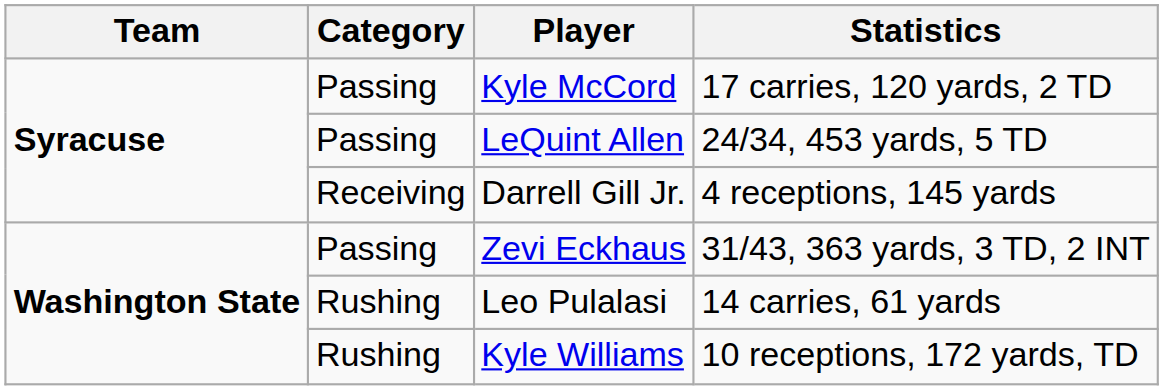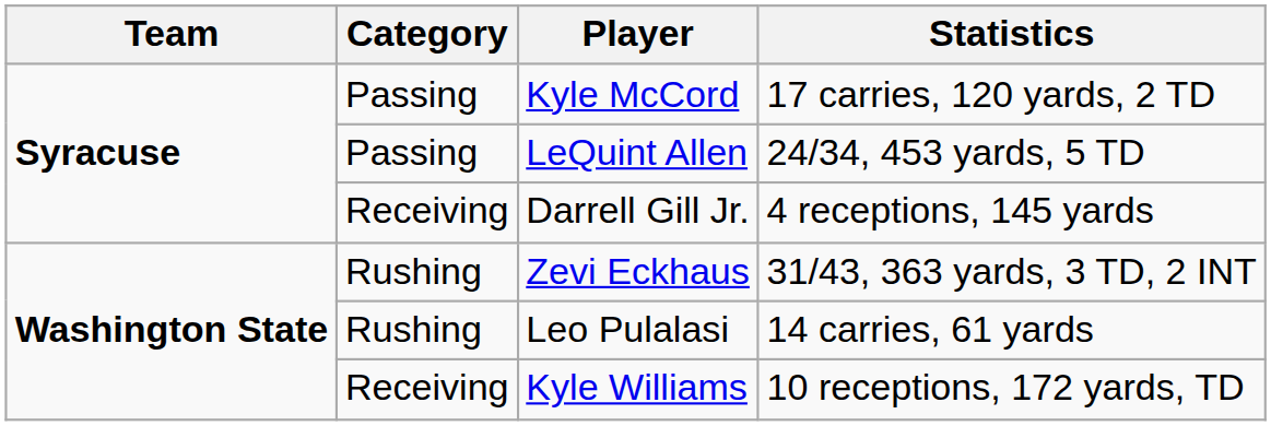 <table class="wikitable" style="float: right;">
 <tr>
 <th>Team</th>
 <th>Category</th>
 <th>Player</th>
 <th>Statistics</th>
 </tr>
 <tr>
 <td rowspan=3><strong>Syracuse</strong></td>
 <td>Passing</td>
 <td><a href='#'>Kyle McCord</a></td>
 <td>17 carries, 120 yards, 2 TD</td>
 </tr>
 <tr>
 <td>Passing</td>
 <td><a href='#'>LeQuint Allen</a></td>
 <td>24/34, 453 yards, 5 TD</td>
 </tr>
 <tr>
 <td>Receiving</td>
 <td>Darrell Gill Jr.</td>
 <td>4 receptions, 145 yards</td>
 </tr>
 <tr>
 <td rowspan=3><strong>Washington State</strong></td>
-<td>Passing</td>
+<td>Rushing</td>
 <td><a href='#'>Zevi Eckhaus</a></td>
 <td>31/43, 363 yards, 3 TD, 2 INT</td>
 </tr>
 <tr>
 <td>Rushing</td>
 <td>Leo Pulalasi</td>
 <td>14 carries, 61 yards</td>
 </tr>
 <tr>
-<td>Rushing</td>
+<td>Receiving</td>
 <td><a href='#'>Kyle Williams</a></td>
 <td>10 receptions, 172 yards, TD</td>
 </tr>
 </table>
